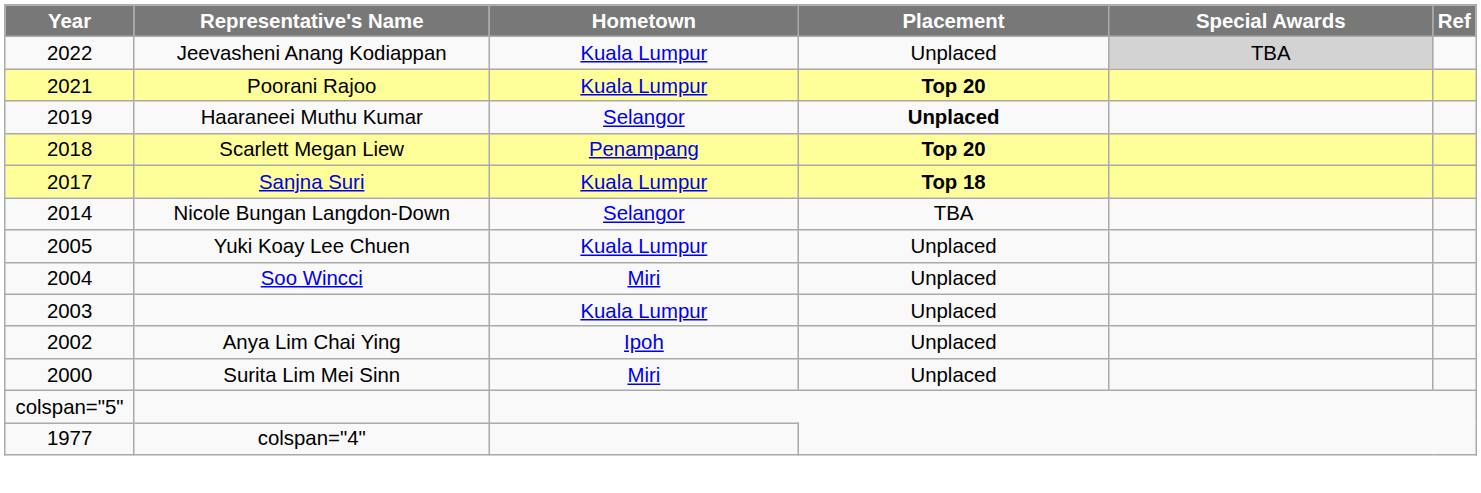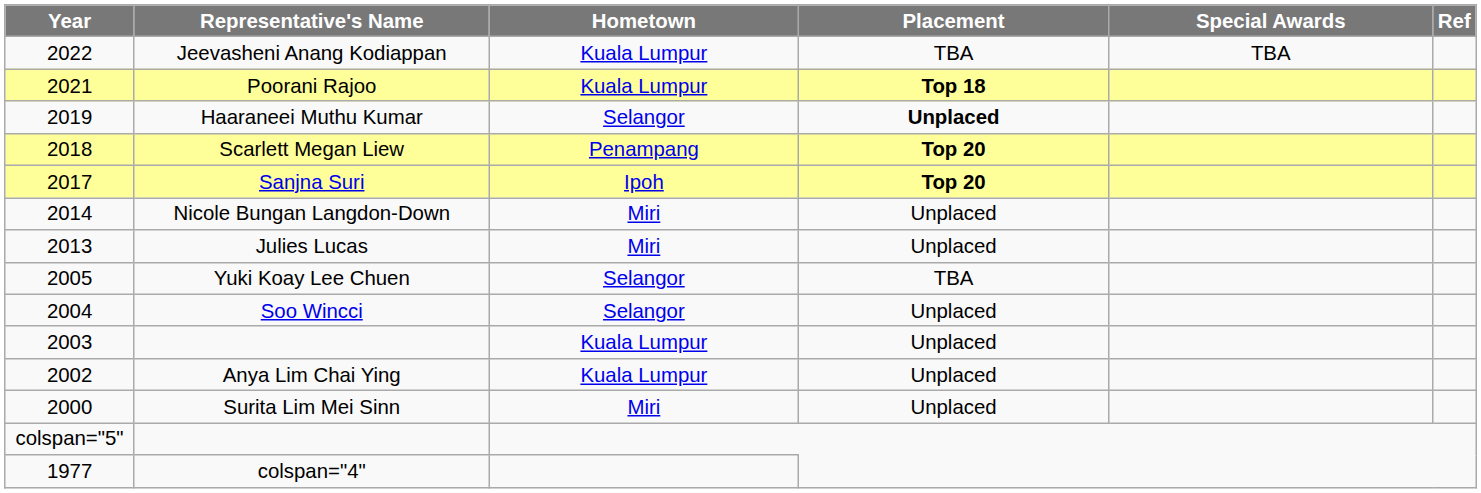 <table class="wikitable sortable" style="font-size: 85%; text-align:center">
 <tr>
 <th width="80" style="background-color:#787878;color:#FFFFFF;">Year</th>
 <th width="230" style="background-color:#787878;color:#FFFFFF;">Representative's Name</th>
 <th width="200" style="background-color:#787878;color:#FFFFFF;">Hometown</th>
 <th width="200" style="background-color:#787878;color:#FFFFFF;">Placement</th>
 <th width="210" style="background-color:#787878;color:#FFFFFF;">Special Awards</th>
 <th width="8" style="background-color:#787878;color:#FFFFFF;">Ref</th>
 </tr>
 <tr>
 <td>2022</td>
 <td>Jeevasheni Anang Kodiappan</td>
 <td><a href='#'>Kuala Lumpur</a></td>
-<td>Unplaced</td>
-<td style="background: lightgrey;">TBA</td>
+<td>TBA</td>
+<td>TBA</td>
 <td></td>
 </tr>
 <tr style="background-color:#FFFF99">
 <td>2021</td>
 <td>Poorani Rajoo</td>
 <td><a href='#'>Kuala Lumpur</a></td>
-<td><strong>Top 20</strong></td>
+<td><strong>Top 18</strong></td>
 <td></td>
 <td></td>
 </tr>
 <tr>
 <td>2019</td>
 <td>Haaraneei Muthu Kumar</td>
 <td><a href='#'>Selangor</a></td>
 <td><strong>Unplaced</strong></td>
 <td></td>
 <td></td>
 </tr>
 <tr style="background-color:#FFFF99">
 <td>2018</td>
 <td>Scarlett Megan Liew</td>
 <td><a href='#'>Penampang</a></td>
 <td><strong>Top 20</strong></td>
 <td></td>
 <td></td>
 </tr>
 <tr style="background-color:#FFFF99">
 <td>2017</td>
 <td><a href='#'>Sanjna Suri</a></td>
-<td><a href='#'>Kuala Lumpur</a></td>
-<td><strong>Top 18</strong></td>
+<td><a href='#'>Ipoh</a></td>
+<td><strong>Top 20</strong></td>
 <td></td>
 <td></td>
 </tr>
 <tr>
 <td>2014</td>
 <td>Nicole Bungan Langdon-Down</td>
+<td><a href='#'>Miri</a></td>
+<td>Unplaced</td>
+<td></td>
+<td></td>
+</tr>
+<tr>
+<td>2013</td>
+<td>Julies Lucas</td>
+<td><a href='#'>Miri</a></td>
+<td>Unplaced</td>
+<td></td>
+<td></td>
+</tr>
+<tr>
+<td>2005</td>
+<td>Yuki Koay Lee Chuen</td>
 <td><a href='#'>Selangor</a></td>
 <td>TBA</td>
 <td></td>
 <td></td>
 </tr>
 <tr>
-<td>2005</td>
-<td>Yuki Koay Lee Chuen</td>
-<td><a href='#'>Kuala Lumpur</a></td>
-<td>Unplaced</td>
-<td></td>
-<td></td>
-</tr>
-<tr>
 <td>2004</td>
 <td><a href='#'>Soo Wincci</a></td>
-<td><a href='#'>Miri</a></td>
+<td><a href='#'>Selangor</a></td>
 <td>Unplaced</td>
 <td></td>
 <td></td>
 </tr>
 <tr>
 <td>2003</td>
 <td></td>
 <td><a href='#'>Kuala Lumpur</a></td>
 <td>Unplaced</td>
 <td></td>
 <td></td>
 </tr>
 <tr>
 <td>2002</td>
 <td>Anya Lim Chai Ying</td>
-<td><a href='#'>Ipoh</a></td>
+<td><a href='#'>Kuala Lumpur</a></td>
 <td>Unplaced</td>
 <td></td>
 <td></td>
 </tr>
 <tr>
 <td>2000</td>
 <td>Surita Lim Mei Sinn</td>
 <td><a href='#'>Miri</a></td>
 <td>Unplaced</td>
 <td></td>
 <td></td>
 </tr>
 <tr>
 <td>colspan="5" </td>
 <td></td>
 </tr>
 <tr>
 <td>1977</td>
 <td>colspan="4" </td>
 <td></td>
 </tr>
 </table>
